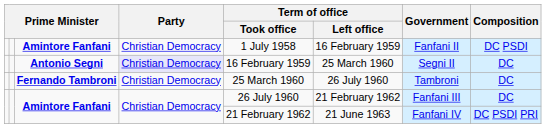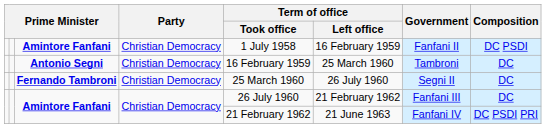 <table class="wikitable" style="text-align:center">
 <tr>
 <th colspan=3 rowspan=2>Prime Minister</th>
 <th rowspan=2>Party</th>
 <th colspan=2>Term of office</th>
 <th rowspan=2>Government</th>
 <th rowspan=2>Composition</th>
 </tr>
 <tr>
 <th>Took office</th>
 <th>Left office</th>
 </tr>
 <tr>
 <td style="background:"></td>
 <td></td>
 <td><strong><a href='#'>Amintore Fanfani</a></strong><br></td>
 <td><a href='#'>Christian Democracy</a></td>
 <td>1 July 1958</td>
 <td>16 February 1959</td>
 <td bgcolor=#D5EFFF><a href='#'>Fanfani II</a></td>
 <td bgcolor=#D5EFFF><a href='#'>DC</a>  <a href='#'>PSDI</a><br></td>
 </tr>
 <tr>
 <td style="background:"></td>
 <td></td>
 <td><strong><a href='#'>Antonio Segni</a></strong><br></td>
-<td style="background: lavender;"><a href='#'>Christian Democracy</a></td>
+<td><a href='#'>Christian Democracy</a></td>
 <td>16 February 1959</td>
 <td>25 March 1960</td>
-<td bgcolor=#D5EFFF><a href='#'>Segni II</a></td>
+<td bgcolor=#D5EFFF><a href='#'>Tambroni</a></td>
 <td bgcolor=#D5EFFF><a href='#'>DC</a><br></td>
 </tr>
 <tr>
 <td style="background:"></td>
 <td></td>
 <td><strong><a href='#'>Fernando Tambroni</a></strong><br></td>
 <td><a href='#'>Christian Democracy</a></td>
 <td>25 March 1960</td>
 <td>26 July 1960</td>
-<td bgcolor=#D5EFFF><a href='#'>Tambroni</a></td>
+<td bgcolor=#D5EFFF><a href='#'>Segni II</a></td>
 <td bgcolor=#D5EFFF><a href='#'>DC</a><br></td>
 </tr>
 <tr>
 <td rowspan=2 style="background:"></td>
 <td rowspan=2></td>
 <td rowspan=2><strong><a href='#'>Amintore Fanfani</a></strong><br></td>
 <td rowspan=2><a href='#'>Christian Democracy</a></td>
 <td>26 July 1960</td>
 <td>21 February 1962</td>
 <td bgcolor=#D5EFFF><a href='#'>Fanfani III</a></td>
 <td bgcolor=#D5EFFF><a href='#'>DC</a><br></td>
 </tr>
 <tr>
 <td>21 February 1962</td>
 <td>21 June 1963</td>
 <td bgcolor=#D5EFFF><a href='#'>Fanfani IV</a></td>
 <td bgcolor=#D5EFFF><a href='#'>DC</a>  <a href='#'>PSDI</a>  <a href='#'>PRI</a> <br></td>
 </tr>
 </table>
